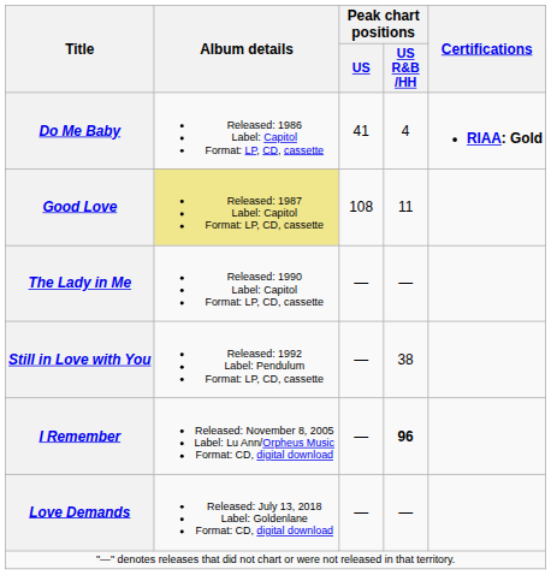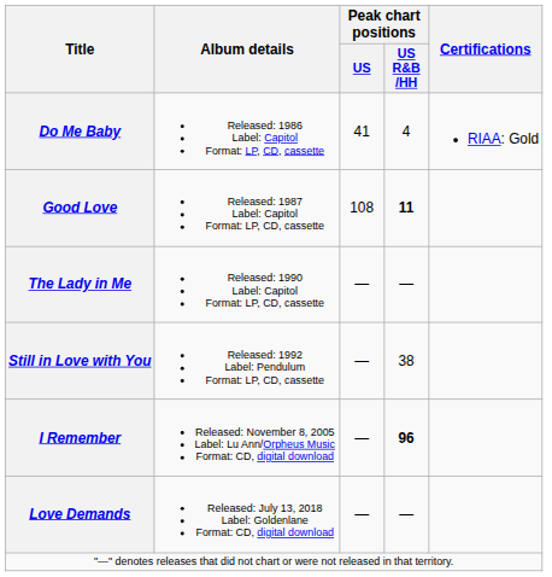 <table class="wikitable plainrowheaders" style="text-align:center;" border="1">
 <tr>
 <th scope="col" rowspan="2">Title</th>
 <th scope="col" rowspan="2" width="200">Album details</th>
 <th scope="col" colspan="2">Peak chart positions</th>
 <th scope="col" rowspan="2"><a href='#'>Certifications</a></th>
 </tr>
 <tr>
 <th scope="col" style="width:3em;font-size:90%;"><a href='#'>US</a><br></th>
 <th scope="col" style="width:3em;font-size:90%;"><a href='#'>US R&B<br>/HH</a><br></th>
 </tr>
 <tr>
 <th scope="row"><em><a href='#'>Do Me Baby</a></em></th>
 <td style="font-size:12px;"><br><ul><li>Released: 1986</li><li>Label: <a href='#'>Capitol</a></li><li>Format: <a href='#'>LP</a>, <a href='#'>CD</a>, <a href='#'>cassette</a></li></ul></td>
 <td>41</td>
 <td>4</td>
-<td><strong><br><ul><li><a href='#'>RIAA</a>: Gold</li></ul></strong></td>
+<td><br><ul><li><a href='#'>RIAA</a>: Gold</li></ul></td>
 </tr>
 <tr>
 <th scope="row"><em><a href='#'>Good Love</a></em></th>
-<td style="background: khaki; font-size:12px;"><br><ul><li>Released: 1987</li><li>Label: Capitol</li><li>Format: LP, CD, cassette</li></ul></td>
+<td style="font-size:12px;"><br><ul><li>Released: 1987</li><li>Label: Capitol</li><li>Format: LP, CD, cassette</li></ul></td>
 <td>108</td>
-<td>11</td>
+<td><strong>11</strong></td>
 <td></td>
 </tr>
 <tr>
 <th scope="row"><em><a href='#'>The Lady in Me</a></em></th>
 <td style="font-size:12px;"><br><ul><li>Released: 1990</li><li>Label: Capitol</li><li>Format: LP, CD, cassette</li></ul></td>
 <td>—</td>
 <td>—</td>
 <td></td>
 </tr>
 <tr>
 <th scope="row"><em><a href='#'>Still in Love with You</a></em></th>
 <td style="font-size:12px;"><br><ul><li>Released: 1992</li><li>Label: Pendulum</li><li>Format: LP, CD, cassette</li></ul></td>
 <td>—</td>
 <td>38</td>
 <td></td>
 </tr>
 <tr>
 <th scope="row"><em><a href='#'>I Remember</a></em></th>
 <td style="font-size:12px;"><br><ul><li>Released: November 8, 2005</li><li>Label: Lu Ann/<a href='#'>Orpheus Music</a></li><li>Format: CD, <a href='#'>digital download</a></li></ul></td>
 <td>—</td>
 <td><strong>96</strong></td>
 <td></td>
 </tr>
 <tr>
 <th scope="row"><em><a href='#'>Love Demands</a></em></th>
 <td style="font-size:12px;"><br><ul><li>Released: July 13, 2018</li><li>Label: Goldenlane</li><li>Format: CD, <a href='#'>digital download</a></li></ul></td>
 <td>—</td>
 <td>—</td>
 <td></td>
 </tr>
 <tr>
 <td colspan="6" style="text-align:center; font-size:9pt;">"—" denotes releases that did not chart or were not released in that territory.</td>
 </tr>
 </table>
